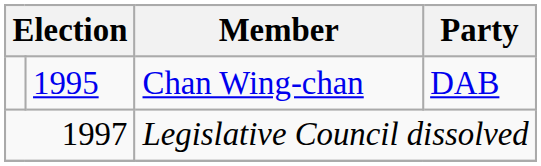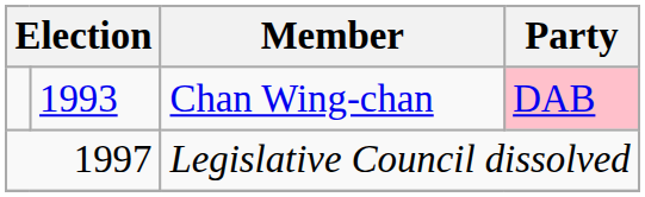 <table class="wikitable">
 <tr>
 <th colspan="2">Election</th>
 <th>Member</th>
 <th>Party</th>
 </tr>
 <tr>
 <td style="background-color: "></td>
-<td><a href='#'>1995</a></td>
+<td><a href='#'>1993</a></td>
 <td><a href='#'>Chan Wing-chan</a></td>
-<td><a href='#'>DAB</a></td>
+<td style="background: pink;"><a href='#'>DAB</a></td>
 </tr>
 <tr>
 <td colspan=2 align=right>1997</td>
 <td colspan=2><em>Legislative Council dissolved</em></td>
 </tr>
 <tr>
 </tr>
 </table>
